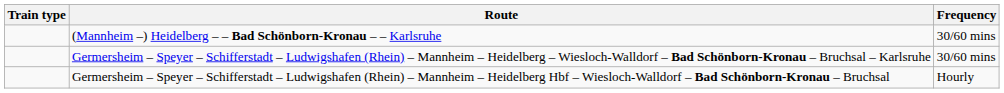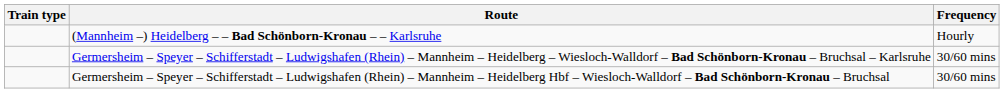 <table class="wikitable">
 <tr>
 <th>Train type</th>
 <th>Route</th>
 <th>Frequency</th>
 </tr>
 <tr>
 <td align="center"></td>
 <td>(<a href='#'>Mannheim</a> –) <a href='#'>Heidelberg</a> –  – <strong>Bad Schönborn-Kronau</strong> –  – <a href='#'>Karlsruhe</a></td>
-<td>30/60 mins</td>
+<td>Hourly</td>
 </tr>
 <tr>
 <td align="center"></td>
 <td><a href='#'>Germersheim</a> – <a href='#'>Speyer</a> – <a href='#'>Schifferstadt</a> – <a href='#'>Ludwigshafen (Rhein)</a> – Mannheim – Heidelberg – Wiesloch-Walldorf – <strong>Bad Schönborn-Kronau</strong> – Bruchsal – Karlsruhe</td>
 <td>30/60 mins</td>
 </tr>
 <tr>
 <td align="center"></td>
 <td>Germersheim – Speyer – Schifferstadt – Ludwigshafen (Rhein) – Mannheim – Heidelberg Hbf – Wiesloch-Walldorf – <strong>Bad Schönborn-Kronau</strong> – Bruchsal</td>
-<td>Hourly</td>
+<td>30/60 mins</td>
 </tr>
 </table>
